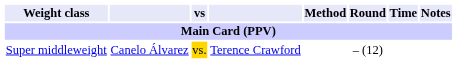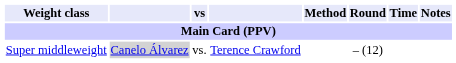 <table class="toccolours" style="font-size: 85%;">
 <tr>
 <th style="background:#e6e8fa; color:#000; text-align:center;">Weight class</th>
 <th style="background:#e6e8fa; color:#000; text-align:center;"></th>
 <th style="background:#e6e8fa; color:#000; text-align:center;">vs</th>
 <th style="background:#e6e8fa; color:#000; text-align:center;"></th>
 <th style="background:#e6e8fa; color:#000; text-align:center;">Method</th>
 <th style="background:#e6e8fa; color:#000; text-align:center;">Round</th>
 <th style="background:#e6e8fa; color:#000; text-align:center;">Time</th>
 <th style="background:#e6e8fa; color:#000; text-align:center;">Notes</th>
 </tr>
 <tr>
 <th colspan="8" style="background-color: #ccccff;">Main Card (PPV)</th>
 </tr>
 <tr>
 <td><a href='#'>Super middleweight</a></td>
-<td><a href='#'>Canelo Álvarez</a></td>
-<td style="background: gold;">vs.</td>
+<td style="background: lightgrey;"><a href='#'>Canelo Álvarez</a></td>
+<td>vs.</td>
 <td><a href='#'>Terence Crawford</a></td>
 <td></td>
 <td align="center">– (12)</td>
 <td></td>
 <td></td>
 </tr>
 <tr>
 </tr>
 </table>
